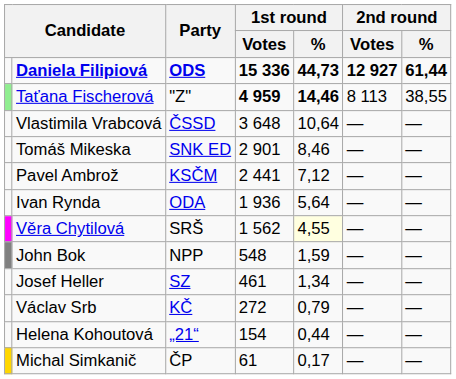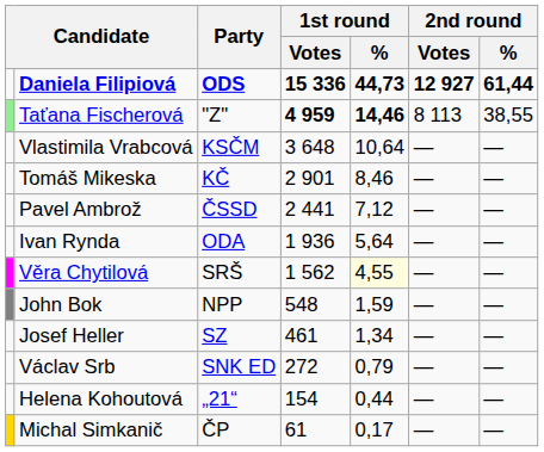 <table class="wikitable sortable">
 <tr>
 <th colspan="2" rowspan="2">Candidate</th>
 <th rowspan="2">Party</th>
 <th colspan="2">1st round</th>
 <th colspan="2">2nd round</th>
 </tr>
 <tr>
 <th>Votes</th>
 <th>%</th>
 <th>Votes</th>
 <th>%</th>
 </tr>
 <tr>
 <td style="background-color:"></td>
 <td><strong><a href='#'>Daniela Filipiová</a></strong></td>
 <td><a href='#'><strong>ODS</strong></a></td>
 <td><strong>15 336</strong></td>
 <td><strong>44,73</strong></td>
 <td><strong>12 927</strong></td>
 <td><strong>61,44</strong></td>
 </tr>
 <tr>
 <td style="background-color:lightgreen"></td>
 <td><a href='#'>Taťana Fischerová</a></td>
 <td>"Z"</td>
 <td><strong>4 959</strong></td>
 <td><strong>14,46</strong></td>
 <td>8 113</td>
 <td>38,55</td>
 </tr>
 <tr>
 <td style="background-color:"></td>
 <td>Vlastimila Vrabcová</td>
-<td><a href='#'>ČSSD</a></td>
+<td><a href='#'>KSČM</a></td>
 <td>3 648</td>
 <td>10,64</td>
 <td>—</td>
 <td>—</td>
 </tr>
 <tr>
 <td style="background-color:"></td>
 <td>Tomáš Mikeska</td>
-<td><a href='#'>SNK ED</a></td>
+<td><a href='#'>KČ</a></td>
 <td>2 901</td>
 <td>8,46</td>
 <td>—</td>
 <td>—</td>
 </tr>
 <tr>
 <td style="background-color:"></td>
 <td>Pavel Ambrož</td>
-<td><a href='#'>KSČM</a></td>
+<td><a href='#'>ČSSD</a></td>
 <td>2 441</td>
 <td>7,12</td>
 <td>—</td>
 <td>—</td>
 </tr>
 <tr>
 <td style="background-color:"></td>
 <td>Ivan Rynda</td>
 <td><a href='#'>ODA</a></td>
 <td>1 936</td>
 <td>5,64</td>
 <td>—</td>
 <td>—</td>
 </tr>
 <tr>
 <td style="background-color:magenta"></td>
 <td><a href='#'>Věra Chytilová</a></td>
 <td>SRŠ</td>
 <td>1 562</td>
 <td style="background: lightyellow;">4,55</td>
 <td>—</td>
 <td>—</td>
 </tr>
 <tr>
 <td style="background-color:grey"></td>
 <td>John Bok</td>
 <td>NPP</td>
 <td>548</td>
 <td>1,59</td>
 <td>—</td>
 <td>—</td>
 </tr>
 <tr>
 <td style="background-color:"></td>
 <td>Josef Heller</td>
 <td><a href='#'>SZ</a></td>
 <td>461</td>
 <td>1,34</td>
 <td>—</td>
 <td>—</td>
 </tr>
 <tr>
 <td style="background-color:"></td>
 <td>Václav Srb</td>
-<td><a href='#'>KČ</a></td>
+<td><a href='#'>SNK ED</a></td>
 <td>272</td>
 <td>0,79</td>
 <td>—</td>
 <td>—</td>
 </tr>
 <tr>
 <td style="background-color:"></td>
 <td>Helena Kohoutová</td>
 <td><a href='#'>„21“</a></td>
 <td>154</td>
 <td>0,44</td>
 <td>—</td>
 <td>—</td>
 </tr>
 <tr>
 <td style="background-color:gold"></td>
 <td>Michal Simkanič</td>
 <td>ČP</td>
 <td>61</td>
 <td>0,17</td>
 <td>—</td>
 <td>—</td>
 </tr>
 </table>
